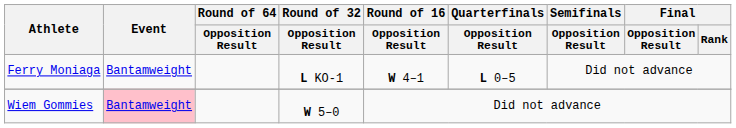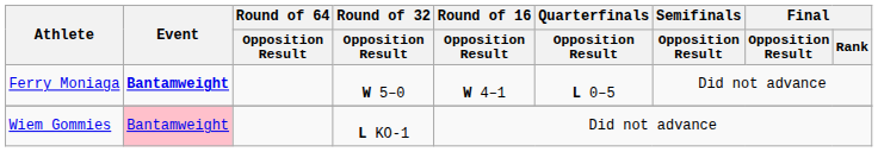 <table class="wikitable" style="font-size:90%">
 <tr>
 <th rowspan="2">Athlete</th>
 <th rowspan="2">Event</th>
 <th>Round of 64</th>
 <th>Round of 32</th>
 <th>Round of 16</th>
 <th>Quarterfinals</th>
 <th>Semifinals</th>
 <th colspan=2>Final</th>
 </tr>
 <tr style="font-size:95%">
 <th>Opposition<br>Result</th>
 <th>Opposition<br>Result</th>
 <th>Opposition<br>Result</th>
 <th>Opposition<br>Result</th>
 <th>Opposition<br>Result</th>
 <th>Opposition<br>Result</th>
 <th>Rank</th>
 </tr>
 <tr align=center>
 <td align=left><a href='#'>Ferry Moniaga</a></td>
-<td align=left><a href='#'>Bantamweight</a></td>
+<td align=left><strong><a href='#'>Bantamweight</a></strong></td>
 <td></td>
-<td><br><strong>L</strong> KO-1</td>
+<td><br><strong>W</strong> 5–0</td>
 <td><br><strong>W</strong> 4–1</td>
 <td><br><strong>L</strong> 0–5</td>
 <td colspan=3>Did not advance</td>
 </tr>
 <tr>
 </tr>
 <tr align=center>
 <td align=left><a href='#'>Wiem Gommies</a></td>
 <td align=left style="background: pink;"><a href='#'>Bantamweight</a></td>
 <td></td>
-<td><br><strong>W</strong> 5–0</td>
+<td><br><strong>L</strong> KO-1</td>
 <td colspan=5>Did not advance</td>
 </tr>
 </table>
